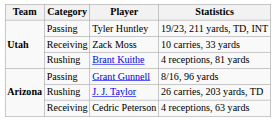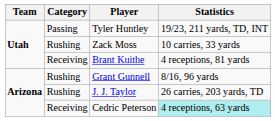 <table class="wikitable" style="float: right;">
 <tr>
 <th>Team</th>
 <th>Category</th>
 <th>Player</th>
 <th>Statistics</th>
 </tr>
 <tr>
 <td rowspan=3><strong>Utah</strong></td>
 <td>Passing</td>
 <td>Tyler Huntley</td>
 <td>19/23, 211 yards, TD, INT</td>
 </tr>
 <tr>
-<td>Receiving</td>
+<td>Rushing</td>
 <td>Zack Moss</td>
 <td>10 carries, 33 yards</td>
 </tr>
 <tr>
-<td>Rushing</td>
+<td>Receiving</td>
 <td><a href='#'>Brant Kuithe</a></td>
 <td>4 receptions, 81 yards</td>
 </tr>
 <tr>
 <td rowspan=3><strong>Arizona</strong></td>
-<td>Passing</td>
+<td>Rushing</td>
 <td><a href='#'>Grant Gunnell</a></td>
 <td>8/16, 96 yards</td>
 </tr>
 <tr>
 <td>Rushing</td>
 <td><a href='#'>J. J. Taylor</a></td>
 <td>26 carries, 203 yards, TD</td>
 </tr>
 <tr>
 <td>Receiving</td>
 <td>Cedric Peterson</td>
-<td>4 receptions, 63 yards</td>
+<td style="background: paleturquoise;">4 receptions, 63 yards</td>
 </tr>
 </table>
